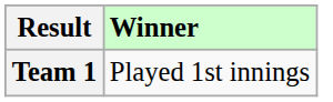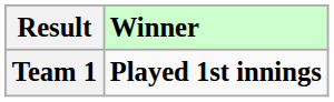 <table style="margin-right:0; font-size:85%" class="wikitable">
 <tr>
 <th>Result</th>
 <td style="background:#cfc"><strong>Winner</strong></td>
 </tr>
 <tr>
 <th>Team 1</th>
-<td>Played 1st innings</td>
+<td><strong>Played 1st innings</strong></td>
 </tr>
 </table>
